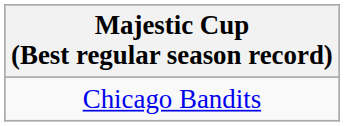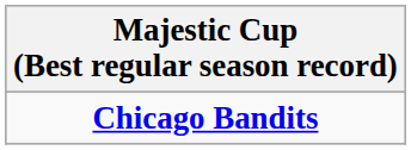 <table class="wikitable" style="text-align:center">
 <tr>
 <th>Majestic Cup <br>(Best regular season record)</th>
 </tr>
 <tr>
-<td><a href='#'>Chicago Bandits</a></td>
+<td><strong><a href='#'>Chicago Bandits</a></strong></td>
 </tr>
 </table>
